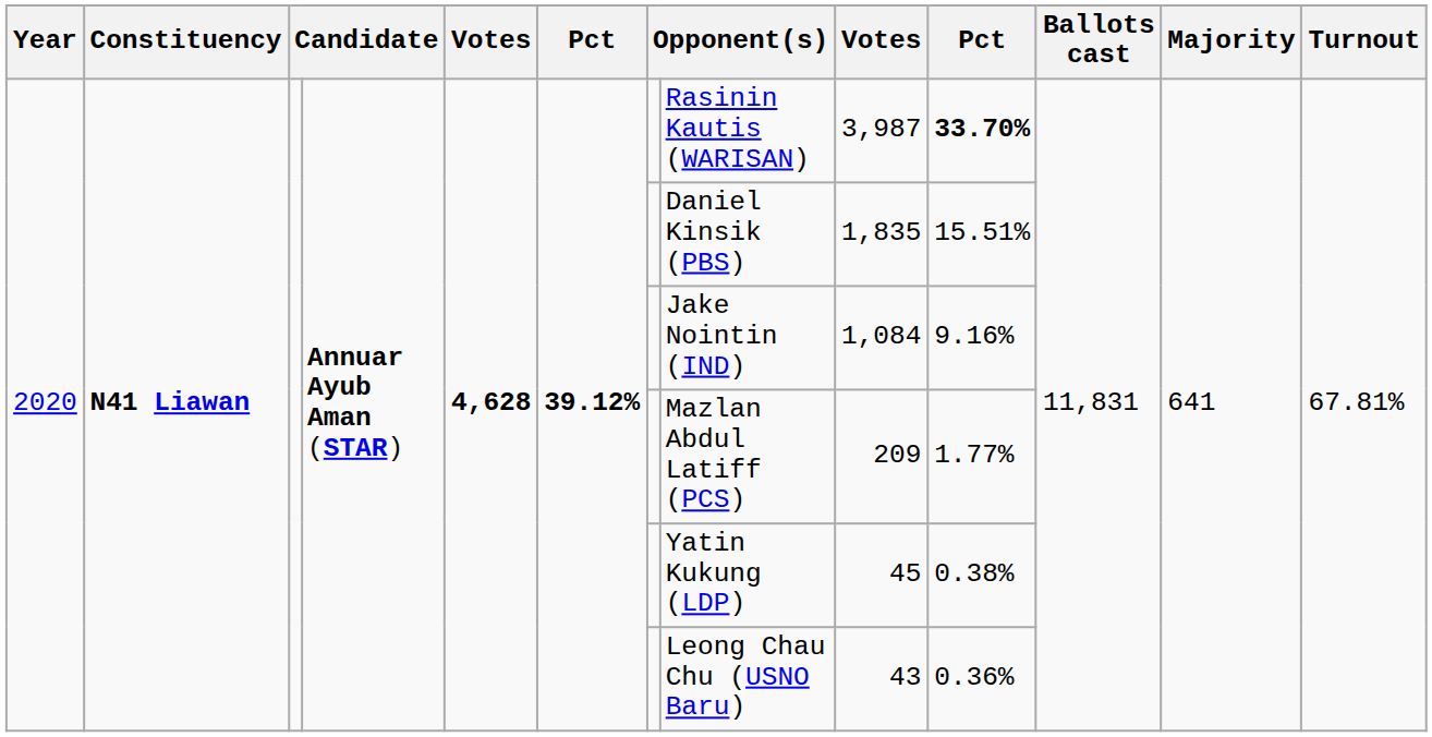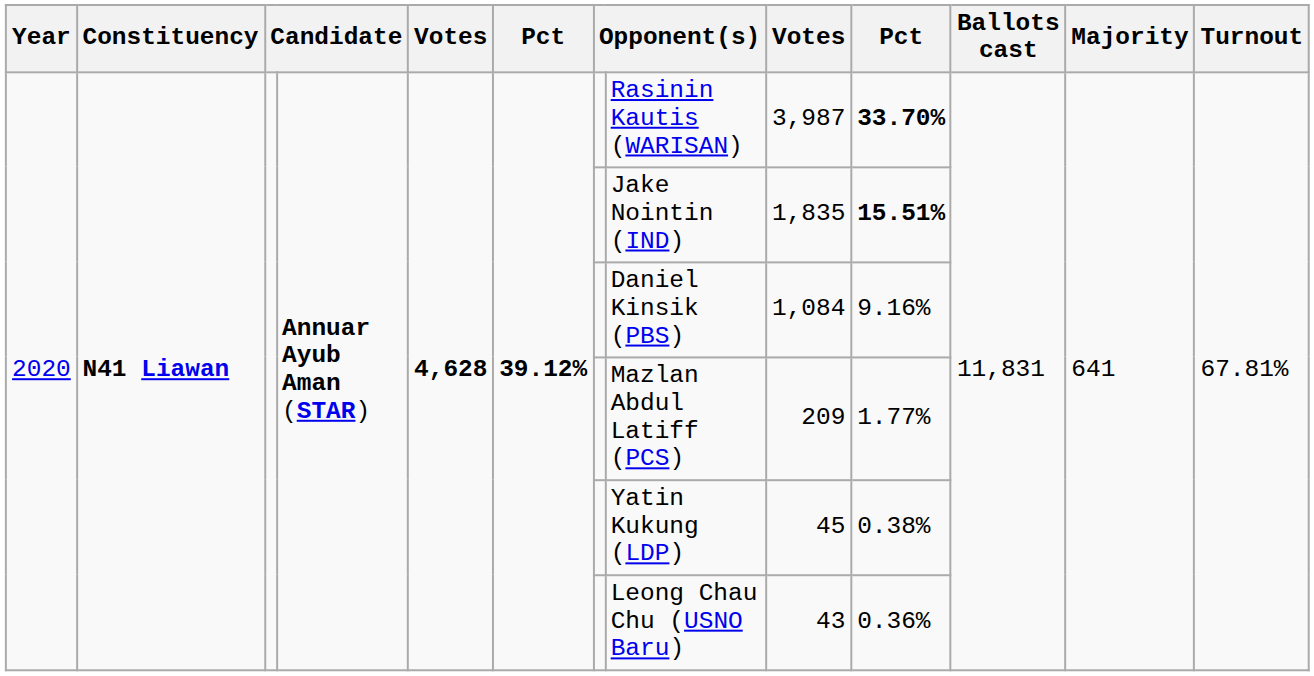 <table class="wikitable" style="margin:0.5em ; font-size:95%">
 <tr>
 <th>Year</th>
 <th>Constituency</th>
 <th colspan=2>Candidate</th>
 <th>Votes</th>
 <th>Pct</th>
 <th colspan=2>Opponent(s)</th>
 <th>Votes</th>
 <th>Pct</th>
 <th>Ballots cast</th>
 <th>Majority</th>
 <th>Turnout</th>
 </tr>
 <tr>
 <td rowspan=6><a href='#'>2020</a></td>
 <td rowspan=6><strong>N41 <a href='#'>Liawan</a></strong></td>
 <td rowspan=6 ></td>
 <td rowspan=6><strong>Annuar Ayub Aman</strong> (<a href='#'><strong>STAR</strong></a>)</td>
 <td rowspan=6 align="right"><strong>4,628</strong></td>
 <td rowspan=6><strong>39.12%</strong></td>
 <td></td>
 <td><a href='#'>Rasinin Kautis</a> (<a href='#'>WARISAN</a>)</td>
 <td align="right">3,987</td>
 <td><strong>33.70%</strong></td>
 <td rowspan=6>11,831</td>
 <td rowspan=6>641</td>
 <td rowspan=6>67.81%</td>
 </tr>
 <tr>
 <td></td>
-<td>Daniel Kinsik (<a href='#'>PBS</a>)</td>
+<td>Jake Nointin (<a href='#'>IND</a>)</td>
 <td align="right">1,835</td>
-<td>15.51%</td>
+<td><strong>15.51%</strong></td>
 </tr>
 <tr>
 <td></td>
-<td>Jake Nointin (<a href='#'>IND</a>)</td>
+<td>Daniel Kinsik (<a href='#'>PBS</a>)</td>
 <td align="right">1,084</td>
 <td>9.16%</td>
 </tr>
 <tr>
 <td></td>
 <td>Mazlan Abdul Latiff (<a href='#'>PCS</a>)</td>
 <td align="right">209</td>
 <td>1.77%</td>
 </tr>
 <tr>
 <td bgcolor=></td>
 <td>Yatin Kukung (<a href='#'>LDP</a>)</td>
 <td align="right">45</td>
 <td>0.38%</td>
 </tr>
 <tr>
 <td bgcolor=></td>
 <td>Leong Chau Chu (<a href='#'>USNO Baru</a>)</td>
 <td align="right">43</td>
 <td>0.36%</td>
 </tr>
 </table>
